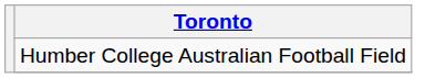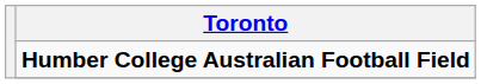 <table class="wikitable" style="text-align:center">
 <tr>
 <th rowspan="4"></th>
 <th><a href='#'>Toronto</a></th>
 </tr>
 <tr>
-<td>Humber College Australian Football Field</td>
+<td><strong>Humber College Australian Football Field</strong></td>
 </tr>
 <tr>
 </tr>
 </table>
